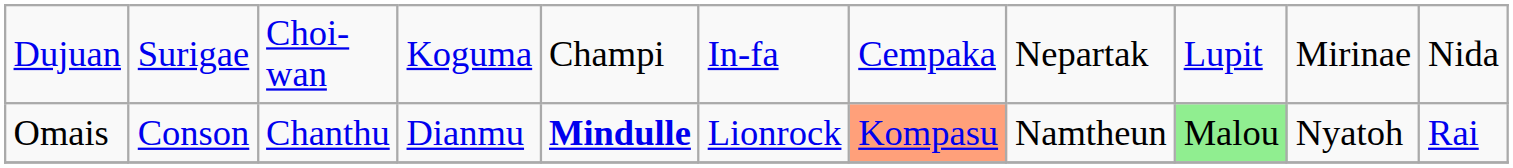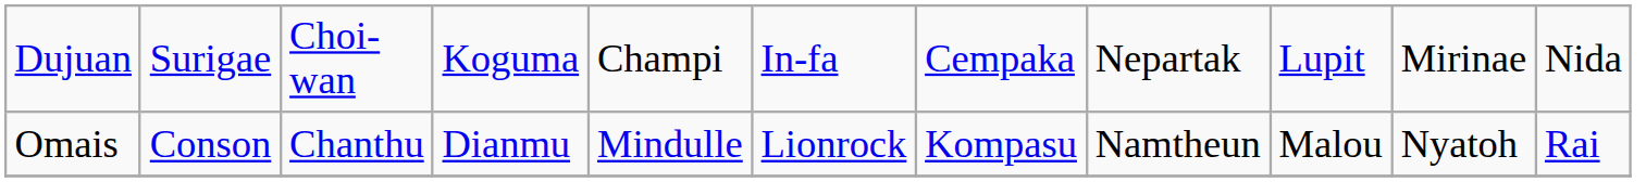 <table class="wikitable">
 <tr>
 <td><a href='#'>Dujuan</a></td>
 <td><a href='#'>Surigae</a></td>
 <td><a href='#'>Choi-wan</a></td>
 <td><a href='#'>Koguma</a></td>
 <td>Champi</td>
 <td><a href='#'>In-fa</a></td>
 <td><a href='#'>Cempaka</a></td>
 <td>Nepartak</td>
 <td><a href='#'>Lupit</a></td>
 <td>Mirinae</td>
 <td>Nida</td>
 </tr>
 <tr>
 <td>Omais</td>
 <td><a href='#'>Conson</a></td>
 <td><a href='#'>Chanthu</a></td>
 <td><a href='#'>Dianmu</a></td>
-<td><strong><a href='#'>Mindulle</a></strong></td>
+<td><a href='#'>Mindulle</a></td>
 <td><a href='#'>Lionrock</a></td>
-<td style="background: lightsalmon;"><a href='#'>Kompasu</a></td>
+<td><a href='#'>Kompasu</a></td>
 <td>Namtheun</td>
-<td style="background: lightgreen;">Malou</td>
+<td>Malou</td>
 <td>Nyatoh</td>
 <td><a href='#'>Rai</a></td>
 </tr>
 <tr>
 </tr>
 </table>
